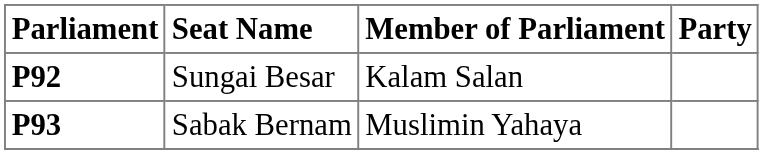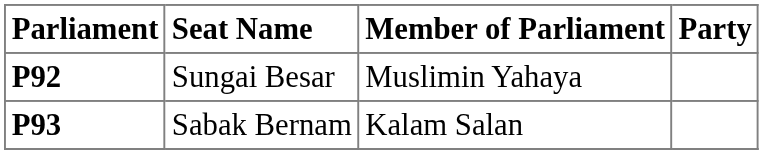 <table class="toccolours sortable" border="1" cellpadding="3" style="border-collapse:collapse; text-align: left;">
 <tr>
 <th align="center">Parliament</th>
 <th>Seat Name</th>
 <th>Member of Parliament</th>
 <th>Party</th>
 </tr>
 <tr>
 <th align="left">P92</th>
 <td>Sungai Besar</td>
-<td>Kalam Salan</td>
+<td>Muslimin Yahaya</td>
 <td></td>
 </tr>
 <tr>
 <th align="left">P93</th>
 <td>Sabak Bernam</td>
-<td>Muslimin Yahaya</td>
+<td>Kalam Salan</td>
 <td></td>
 </tr>
 <tr>
 </tr>
 </table>
